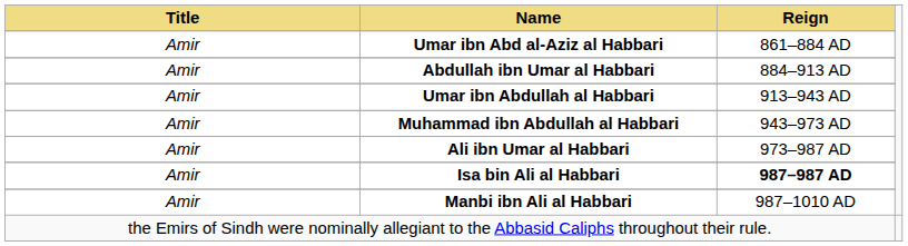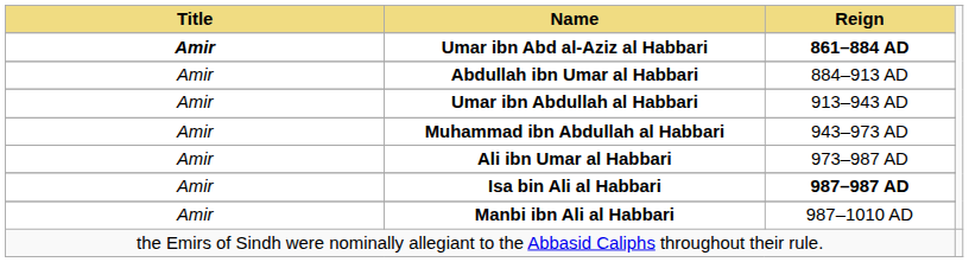 <table width 100% Class="wikitable">
 <tr>
 <th style="background-color:#F0DC82" width="40%">Title</th>
 <th style="background-color:#F0DC82" width="40%">Name</th>
 <th style="background-color:#F0DC82" width=25%>Reign</th>
 </tr>
 <tr>
 </tr>
 <tr style="background:white">
-<td align="center"><em>Amir</em><br><small></small></td>
+<td align="center"><strong><em>Amir</em><br><small></small></strong></td>
 <td align="center"><strong>Umar ibn Abd al-Aziz al Habbari</strong> <br> <small> </small></td>
-<td align="center">861–884 AD</td>
+<td align="center"><strong>861–884 AD</strong></td>
 </tr>
 <tr>
 </tr>
 <tr style="background:white">
 <td align="center"><em>Amir</em><br><small></small></td>
 <td align="center"><strong>Abdullah ibn Umar al Habbari</strong><br> <small> </small></td>
 <td align="center">884–913 AD</td>
 </tr>
 <tr>
 </tr>
 <tr style="background:white">
 <td align="center"><em>Amir</em><br><small></small></td>
 <td align="center"><strong>Umar ibn Abdullah al Habbari</strong><br> <small> </small></td>
 <td align="center">913–943 AD</td>
 </tr>
 <tr>
 </tr>
 <tr style="background:white">
 <td align="center"><em>Amir</em><br><small></small></td>
 <td align="center"><strong>Muhammad ibn Abdullah al Habbari</strong><br> <small> </small></td>
 <td align="center">943–973 AD</td>
 </tr>
 <tr>
 </tr>
 <tr style="background:white">
 <td align="center"><em>Amir</em><br><small></small></td>
 <td align="center"><strong>Ali ibn Umar al Habbari</strong><br> <small> </small></td>
 <td align="center">973–987 AD</td>
 </tr>
 <tr>
 </tr>
 <tr style="background:white">
 <td align="center"><em>Amir</em><br><small></small></td>
 <td align="center"><strong>Isa bin Ali al Habbari</strong><br> <small> </small></td>
 <td align="center"><strong>987–987 AD</strong></td>
 </tr>
 <tr>
 </tr>
 <tr style="background:white">
 <td align="center"><em>Amir</em><br><small></small></td>
 <td align="center"><strong>Manbi ibn Ali al Habbari</strong><br> <small> </small></td>
 <td align="center">987–1010 AD</td>
 </tr>
 <tr>
 <td colspan="3" align="middle">the Emirs of Sindh were nominally allegiant to the <a href='#'>Abbasid Caliphs</a> throughout their rule.</td>
 <td></td>
 </tr>
 </table>
